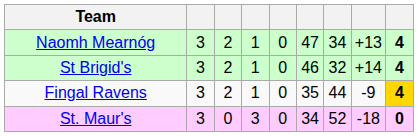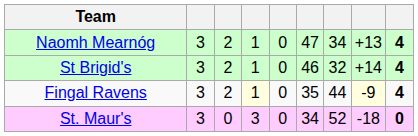 <table class="wikitable" style="text-align:center">
 <tr>
 <th style="width:175px;">Team</th>
 <th width="20"></th>
 <th width="20"></th>
 <th width="20"></th>
 <th width="20"></th>
 <th width="20"></th>
 <th width="20"></th>
 <th width="20"></th>
 <th width="20"></th>
 </tr>
 <tr style="background:#cfc;">
 <td><a href='#'>Naomh Mearnóg</a></td>
 <td>3</td>
 <td>2</td>
 <td>1</td>
 <td>0</td>
 <td>47</td>
 <td>34</td>
 <td>+13</td>
 <td><strong>4</strong></td>
 </tr>
 <tr style="background:#cfc;">
 <td><a href='#'>St Brigid's</a></td>
 <td>3</td>
 <td>2</td>
 <td>1</td>
 <td>0</td>
 <td>46</td>
 <td>32</td>
 <td>+14</td>
 <td><strong>4</strong></td>
 </tr>
 <tr>
 <td><a href='#'>Fingal Ravens</a></td>
 <td>3</td>
 <td>2</td>
-<td>1</td>
+<td style="background: lightyellow;">1</td>
 <td>0</td>
 <td>35</td>
 <td>44</td>
-<td>-9</td>
-<td style="background: gold;"><strong>4</strong></td>
+<td style="background: lightyellow;">-9</td>
+<td><strong>4</strong></td>
 </tr>
 <tr style="background:#fcf;">
 <td><a href='#'>St. Maur's</a></td>
 <td>3</td>
 <td>0</td>
 <td>3</td>
 <td>0</td>
 <td>34</td>
 <td>52</td>
 <td>-18</td>
 <td><strong>0</strong></td>
 </tr>
 </table>
